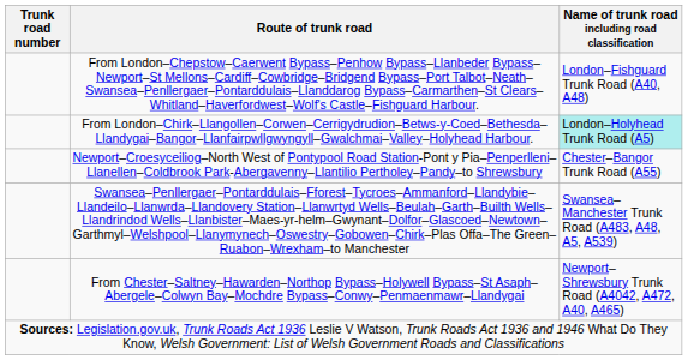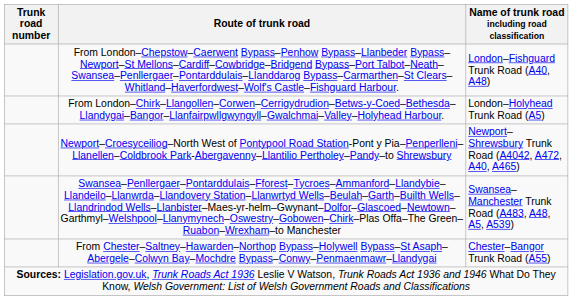 <table class="wikitable">
 <tr>
 <th>Trunk road number</th>
 <th>Route of trunk road</th>
 <th>Name of trunk road<small><br>including road classification</small></th>
 </tr>
 <tr>
 <td></td>
 <td style="text-align:center;">From London–<a href='#'>Chepstow</a>–<a href='#'>Caerwent</a> <a href='#'>Bypass</a>–<a href='#'>Penhow</a> <a href='#'>Bypass</a>–<a href='#'>Llanbeder</a> <a href='#'>Bypass</a>–<a href='#'>Newport</a>–<a href='#'>St Mellons</a>–<a href='#'>Cardiff</a>–<a href='#'>Cowbridge</a>–<a href='#'>Bridgend</a> <a href='#'>Bypass</a>–<a href='#'>Port Talbot</a>–<a href='#'>Neath</a>–<a href='#'>Swansea</a>–<a href='#'>Penllergaer</a>–<a href='#'>Pontarddulais</a>–<a href='#'>Llanddarog</a> <a href='#'>Bypass</a>–<a href='#'>Carmarthen</a>–<a href='#'>St Clears</a>–<a href='#'>Whitland</a>–<a href='#'>Haverfordwest</a>–<a href='#'>Wolf's Castle</a>–<a href='#'>Fishguard Harbour</a>.</td>
 <td><a href='#'>London</a>–<a href='#'>Fishguard</a> Trunk Road (<a href='#'>A40</a>, <a href='#'>A48</a>)</td>
 </tr>
 <tr>
 <td></td>
 <td style="text-align:center;">From London–<a href='#'>Chirk</a>–<a href='#'>Llangollen</a>–<a href='#'>Corwen</a>–<a href='#'>Cerrigydrudion</a>–<a href='#'>Betws-y-Coed</a>–<a href='#'>Bethesda</a>–<a href='#'>Llandygai</a>–<a href='#'>Bangor</a>–<a href='#'>Llanfairpwllgwyngyll</a>–<a href='#'>Gwalchmai</a>–<a href='#'>Valley</a>–<a href='#'>Holyhead Harbour</a>.</td>
-<td style="background: paleturquoise;">London–<a href='#'>Holyhead</a> Trunk Road (<a href='#'>A5</a>)</td>
+<td>London–<a href='#'>Holyhead</a> Trunk Road (<a href='#'>A5</a>)</td>
 </tr>
 <tr>
 <td></td>
 <td style="text-align:center;"><a href='#'>Newport</a>–<a href='#'>Croesyceiliog</a>–North West of <a href='#'>Pontypool Road Station</a>-Pont y Pia–<a href='#'>Penperlleni</a>–<a href='#'>Llanellen</a>–<a href='#'>Coldbrook Park</a>-<a href='#'>Abergavenny</a>–<a href='#'>Llantilio Pertholey</a>–<a href='#'>Pandy</a>–to <a href='#'>Shrewsbury</a></td>
-<td><a href='#'>Chester</a>–<a href='#'>Bangor</a> Trunk Road (<a href='#'>A55</a>)</td>
+<td><a href='#'>Newport</a>–<a href='#'>Shrewsbury</a> Trunk Road (<a href='#'>A4042</a>, <a href='#'>A472</a>, <a href='#'>A40</a>, <a href='#'>A465</a>)</td>
 </tr>
 <tr>
 <td></td>
 <td style="text-align:center;"><a href='#'>Swansea</a>–<a href='#'>Penllergaer</a>–<a href='#'>Pontarddulais</a>–<a href='#'>Fforest</a>–<a href='#'>Tycroes</a>–<a href='#'>Ammanford</a>–<a href='#'>Llandybie</a>–<a href='#'>Llandeilo</a>–<a href='#'>Llanwrda</a>–<a href='#'>Llandovery Station</a>–<a href='#'>Llanwrtyd Wells</a>–<a href='#'>Beulah</a>–<a href='#'>Garth</a>–<a href='#'>Builth Wells</a>–<a href='#'>Llandrindod Wells</a>–<a href='#'>Llanbister</a>–Maes-yr-helm–Gwynant–<a href='#'>Dolfor</a>–<a href='#'>Glascoed</a>–<a href='#'>Newtown</a>–Garthmyl–<a href='#'>Welshpool</a>–<a href='#'>Llanymynech</a>–<a href='#'>Oswestry</a>–<a href='#'>Gobowen</a>–<a href='#'>Chirk</a>–Plas Offa–The Green–<a href='#'>Ruabon</a>–<a href='#'>Wrexham</a>–to Manchester</td>
 <td><a href='#'>Swansea</a>–<a href='#'>Manchester</a> Trunk Road (<a href='#'>A483</a>, <a href='#'>A48</a>, <a href='#'>A5</a>, <a href='#'>A539</a>)</td>
 </tr>
 <tr>
 <td></td>
 <td style="text-align:center;">From <a href='#'>Chester</a>–<a href='#'>Saltney</a>–<a href='#'>Hawarden</a>–<a href='#'>Northop</a> <a href='#'>Bypass</a>–<a href='#'>Holywell</a> <a href='#'>Bypass</a>–<a href='#'>St Asaph</a>–<a href='#'>Abergele</a>–<a href='#'>Colwyn Bay</a>–<a href='#'>Mochdre</a> <a href='#'>Bypass</a>–<a href='#'>Conwy</a>–<a href='#'>Penmaenmawr</a>–<a href='#'>Llandygai</a></td>
-<td><a href='#'>Newport</a>–<a href='#'>Shrewsbury</a> Trunk Road (<a href='#'>A4042</a>, <a href='#'>A472</a>, <a href='#'>A40</a>, <a href='#'>A465</a>)</td>
+<td><a href='#'>Chester</a>–<a href='#'>Bangor</a> Trunk Road (<a href='#'>A55</a>)</td>
 </tr>
 <tr align='center'>
 <td colspan=3><strong>Sources:</strong> <a href='#'>Legislation.gov.uk</a>, <em><a href='#'>Trunk Roads Act 1936</a></em> Leslie V Watson, <em>Trunk Roads Act 1936 and 1946</em> What Do They Know, <em>Welsh Government: List of Welsh Government Roads and Classifications</em></td>
 </tr>
 </table>
